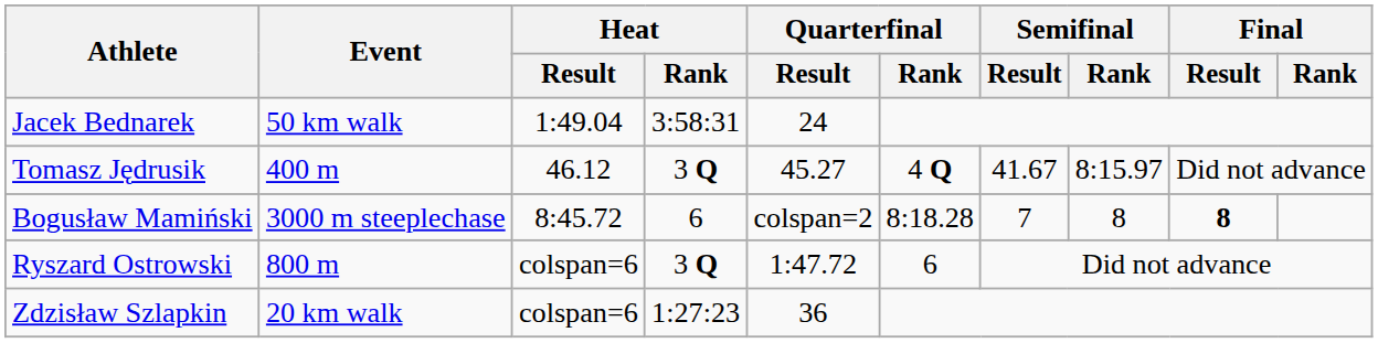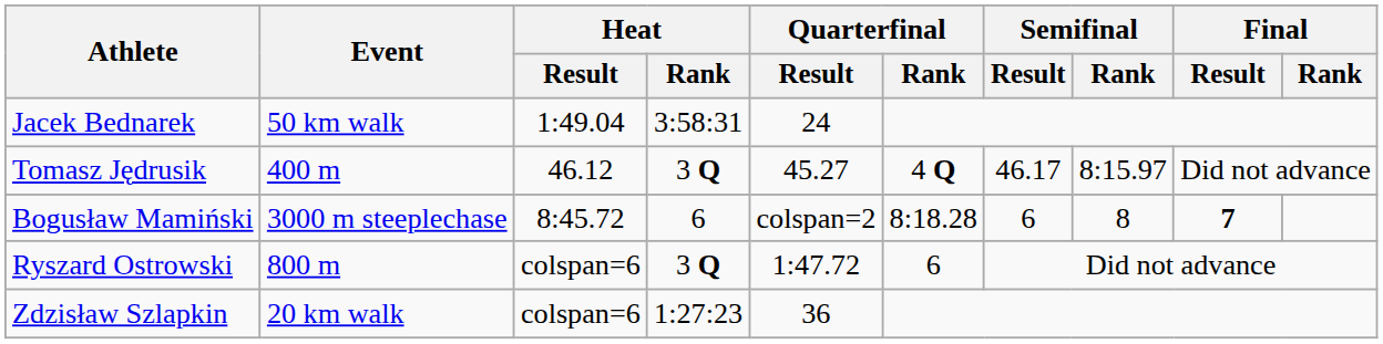 <table class="wikitable" style="font-size:90%">
 <tr>
 <th rowspan="2">Athlete</th>
 <th rowspan="2">Event</th>
 <th colspan="2">Heat</th>
 <th colspan="2">Quarterfinal</th>
 <th colspan="2">Semifinal</th>
 <th colspan="2">Final</th>
 </tr>
 <tr style="font-size:95%">
 <th>Result</th>
 <th>Rank</th>
 <th>Result</th>
 <th>Rank</th>
 <th>Result</th>
 <th>Rank</th>
 <th>Result</th>
 <th>Rank</th>
 </tr>
 <tr align=center>
 <td align=left><a href='#'>Jacek Bednarek</a></td>
 <td align=left><a href='#'>50 km walk</a></td>
 <td>1:49.04</td>
 <td>3:58:31</td>
 <td>24</td>
 </tr>
 <tr align=center>
 <td align=left><a href='#'>Tomasz Jędrusik</a></td>
 <td align=left><a href='#'>400 m</a></td>
 <td>46.12</td>
 <td>3 <strong>Q</strong></td>
 <td>45.27</td>
 <td>4 <strong>Q</strong></td>
-<td>41.67</td>
+<td>46.17</td>
 <td>8:15.97</td>
 <td colspan=2>Did not advance</td>
 </tr>
 <tr align=center>
 <td align=left><a href='#'>Bogusław Mamiński</a></td>
 <td align=left><a href='#'>3000 m steeplechase</a></td>
 <td>8:45.72</td>
 <td>6</td>
 <td>colspan=2 </td>
 <td>8:18.28</td>
-<td>7</td>
+<td>6</td>
 <td>8</td>
-<td><strong>8</strong></td>
+<td><strong>7</strong></td>
 </tr>
 <tr align=center>
 <td align=left><a href='#'>Ryszard Ostrowski</a></td>
 <td align=left><a href='#'>800 m</a></td>
 <td>colspan=6 </td>
 <td>3 <strong>Q</strong></td>
 <td>1:47.72</td>
 <td>6</td>
 <td colspan=4>Did not advance</td>
 </tr>
 <tr align=center>
 <td align=left><a href='#'>Zdzisław Szlapkin</a></td>
 <td align=left><a href='#'>20 km walk</a></td>
 <td>colspan=6 </td>
 <td>1:27:23</td>
 <td>36</td>
 </tr>
 </table>
